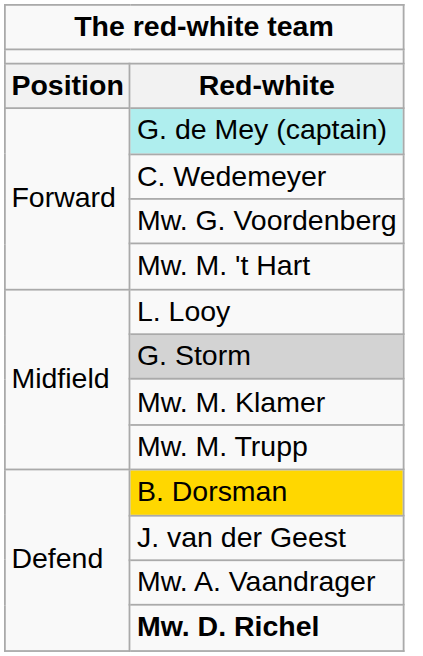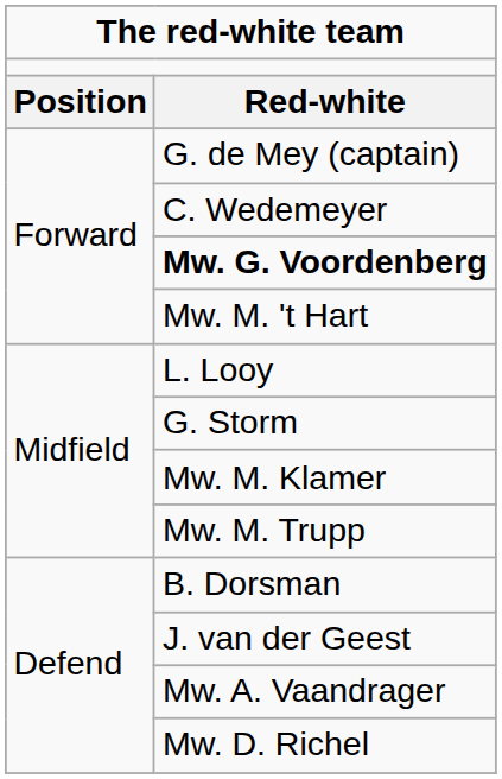 <table class="wikitable">
 <tr>
 <td colspan = 2 align="center"><strong>The red-white team</strong></td>
 </tr>
 <tr>
 <td colspan = 2></td>
 </tr>
 <tr>
 <th>Position</th>
 <th>Red-white</th>
 </tr>
 <tr>
 <td rowspan = 4>Forward</td>
-<td style="background: paleturquoise;">G. de Mey (captain)</td>
+<td>G. de Mey (captain)</td>
 </tr>
 <tr>
 <td>C. Wedemeyer</td>
 </tr>
 <tr>
-<td>Mw. G. Voordenberg</td>
+<td><strong>Mw. G. Voordenberg</strong></td>
 </tr>
 <tr>
 <td>Mw. M. 't Hart</td>
 </tr>
 <tr>
 <td rowspan = 4>Midfield</td>
 <td>L. Looy</td>
 </tr>
 <tr>
-<td style="background: lightgrey;">G. Storm</td>
+<td>G. Storm</td>
 </tr>
 <tr>
 <td>Mw. M. Klamer</td>
 </tr>
 <tr>
 <td>Mw. M. Trupp</td>
 </tr>
 <tr>
 <td rowspan = 4>Defend</td>
-<td style="background: gold;">B. Dorsman</td>
+<td>B. Dorsman</td>
 </tr>
 <tr>
 <td>J. van der Geest</td>
 </tr>
 <tr>
 <td>Mw. A. Vaandrager</td>
 </tr>
 <tr>
-<td><strong>Mw. D. Richel</strong></td>
+<td>Mw. D. Richel</td>
 </tr>
 </table>
